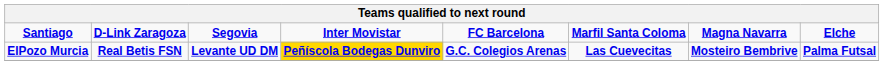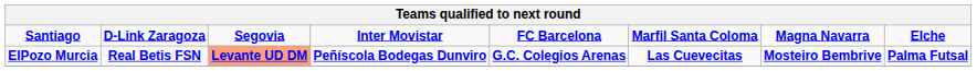 <table class="wikitable" style="text-align: center; margin: 0 auto;">
 <tr>
 <th colspan=8>Teams qualified to next round</th>
 </tr>
 <tr>
 <td><strong><a href='#'>Santiago</a></strong></td>
 <td><strong><a href='#'>D-Link Zaragoza</a></strong></td>
 <td><strong><a href='#'>Segovia</a></strong></td>
 <td><strong><a href='#'>Inter Movistar</a></strong></td>
 <td><strong><a href='#'>FC Barcelona</a></strong></td>
 <td><strong><a href='#'>Marfil Santa Coloma</a></strong></td>
 <td><strong><a href='#'>Magna Navarra</a></strong></td>
 <td><strong><a href='#'>Elche</a></strong></td>
 </tr>
 <tr>
 <td><strong><a href='#'>ElPozo Murcia</a></strong></td>
 <td><strong><a href='#'>Real Betis FSN</a></strong></td>
-<td><strong><a href='#'>Levante UD DM</a></strong></td>
-<td style="background: gold;"><strong><a href='#'>Peñíscola Bodegas Dunviro</a></strong></td>
+<td style="background: lightsalmon;"><strong><a href='#'>Levante UD DM</a></strong></td>
+<td><strong><a href='#'>Peñíscola Bodegas Dunviro</a></strong></td>
 <td><strong><a href='#'>G.C. Colegios Arenas</a></strong></td>
 <td><strong><a href='#'>Las Cuevecitas</a></strong></td>
 <td><strong><a href='#'>Mosteiro Bembrive</a></strong></td>
 <td><strong><a href='#'>Palma Futsal</a></strong></td>
 </tr>
 <tr>
 </tr>
 </table>
